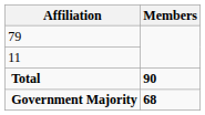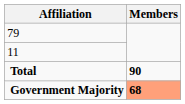 <table class="wikitable">
 <tr>
 <th colspan="2">Affiliation</th>
 <th>Members</th>
 </tr>
 <tr>
 <td>79</td>
 </tr>
 <tr>
 <td>11</td>
 </tr>
 <tr>
 <td colspan="2" rowspan="1" align=left> <strong>Total</strong><br></td>
 <td><strong>90</strong></td>
 </tr>
 <tr>
 <td colspan="2" rowspan="1" align=left> <strong>Government Majority</strong><br></td>
-<td><strong>68</strong></td>
+<td style="background: lightsalmon;"><strong>68</strong></td>
 </tr>
 </table>
